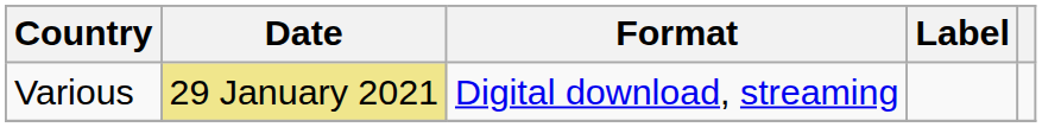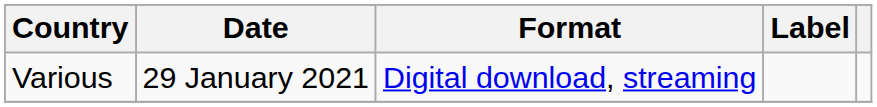 <table class="wikitable">
 <tr>
 <th>Country</th>
 <th>Date</th>
 <th>Format</th>
 <th>Label</th>
 <th></th>
 </tr>
 <tr>
 <td rowspan="1">Various</td>
-<td style="background: khaki;">29 January 2021</td>
+<td>29 January 2021</td>
 <td rowspan="1"><a href='#'>Digital download</a>, <a href='#'>streaming</a></td>
 <td rowspan="1"></td>
 <td></td>
 </tr>
 <tr>
 </tr>
 </table>
